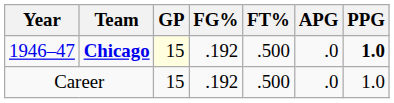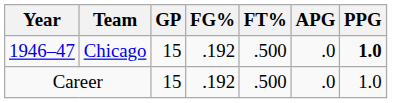 <table class="wikitable sortable" style="font-size:95%; text-align:right;">
 <tr>
 <th>Year</th>
 <th>Team</th>
 <th>GP</th>
 <th>FG%</th>
 <th>FT%</th>
 <th>APG</th>
 <th>PPG</th>
 </tr>
 <tr>
 <td style="text-align:left;"><a href='#'>1946–47</a></td>
-<td style="text-align:left;"><strong><a href='#'>Chicago</a></strong></td>
-<td style="background: lightyellow;">15</td>
+<td style="text-align:left;"><a href='#'>Chicago</a></td>
+<td>15</td>
 <td>.192</td>
 <td>.500</td>
 <td>.0</td>
 <td><strong>1.0</strong></td>
 </tr>
 <tr>
 <td style="text-align:center;" colspan="2">Career</td>
 <td>15</td>
 <td>.192</td>
 <td>.500</td>
 <td>.0</td>
 <td>1.0</td>
 </tr>
 </table>
